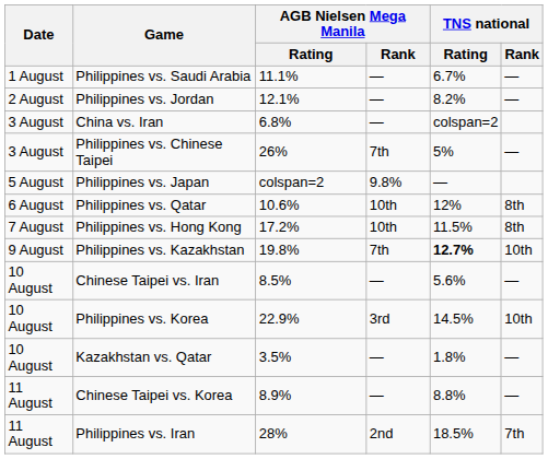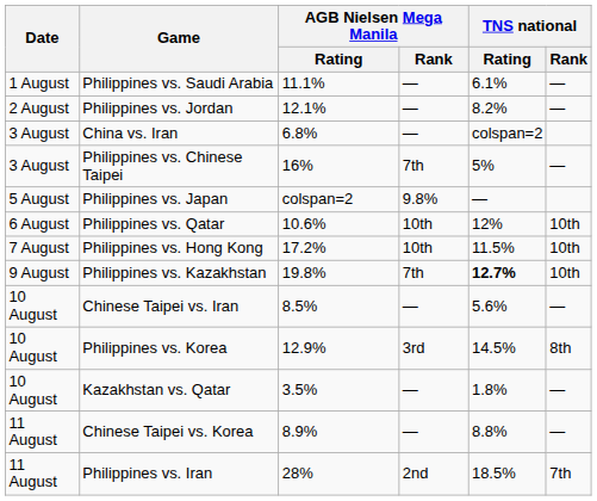 <table class=wikitable>
 <tr>
 <th rowspan=2>Date</th>
 <th rowspan=2>Game</th>
 <th colspan=2>AGB Nielsen <a href='#'>Mega Manila</a></th>
 <th colspan=2><a href='#'>TNS</a> national</th>
 </tr>
 <tr>
 <th>Rating</th>
 <th>Rank</th>
 <th>Rating</th>
 <th>Rank</th>
 </tr>
 <tr>
 <td>1 August</td>
 <td>Philippines vs. Saudi Arabia</td>
 <td>11.1%</td>
 <td>—</td>
-<td>6.7%</td>
+<td>6.1%</td>
 <td>—</td>
 </tr>
 <tr>
 <td>2 August</td>
 <td>Philippines vs. Jordan</td>
 <td>12.1%</td>
 <td>—</td>
 <td>8.2%</td>
 <td>—</td>
 </tr>
 <tr>
 <td>3 August</td>
 <td>China vs. Iran</td>
 <td>6.8%</td>
 <td>—</td>
 <td>colspan=2 </td>
 </tr>
 <tr>
 <td>3 August</td>
 <td>Philippines vs. Chinese Taipei</td>
-<td>26%</td>
+<td>16%</td>
 <td>7th</td>
 <td>5%</td>
 <td>—</td>
 </tr>
 <tr>
 <td>5 August</td>
 <td>Philippines vs. Japan</td>
 <td>colspan=2 </td>
 <td>9.8%</td>
 <td>—</td>
 </tr>
 <tr>
 <td>6 August</td>
 <td>Philippines vs. Qatar</td>
 <td>10.6%</td>
 <td>10th</td>
 <td>12%</td>
-<td>8th</td>
+<td>10th</td>
 </tr>
 <tr>
 <td>7 August</td>
 <td>Philippines vs. Hong Kong</td>
 <td>17.2%</td>
 <td>10th</td>
 <td>11.5%</td>
-<td>8th</td>
+<td>10th</td>
 </tr>
 <tr>
 <td>9 August</td>
 <td>Philippines vs. Kazakhstan</td>
 <td>19.8%</td>
 <td>7th</td>
 <td><strong>12.7%</strong></td>
 <td>10th</td>
 </tr>
 <tr>
 <td>10 August</td>
 <td>Chinese Taipei vs. Iran</td>
 <td>8.5%</td>
 <td>—</td>
 <td>5.6%</td>
 <td>—</td>
 </tr>
 <tr>
 <td>10 August</td>
 <td>Philippines vs. Korea</td>
-<td>22.9%</td>
+<td>12.9%</td>
 <td>3rd</td>
 <td>14.5%</td>
-<td>10th</td>
+<td>8th</td>
 </tr>
 <tr>
 <td>10 August</td>
 <td>Kazakhstan vs. Qatar</td>
 <td>3.5%</td>
 <td>—</td>
 <td>1.8%</td>
 <td>—</td>
 </tr>
 <tr>
 <td>11 August</td>
 <td>Chinese Taipei vs. Korea</td>
 <td>8.9%</td>
 <td>—</td>
 <td>8.8%</td>
 <td>—</td>
 </tr>
 <tr>
 <td>11 August</td>
 <td>Philippines vs. Iran</td>
 <td>28%</td>
 <td>2nd</td>
 <td>18.5%</td>
 <td>7th</td>
 </tr>
 </table>
